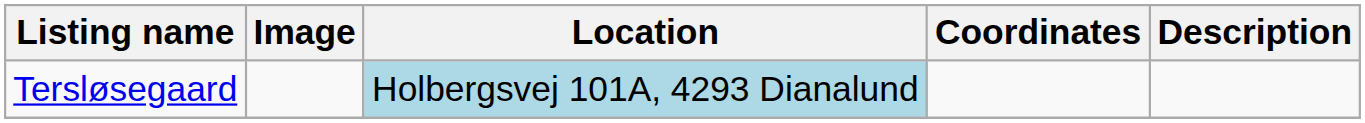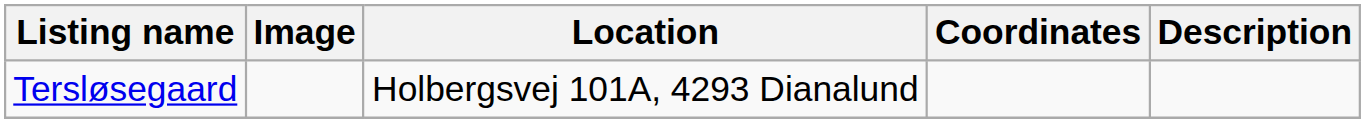 <table class="wikitable sortable">
 <tr>
 <th>Listing name</th>
 <th>Image</th>
 <th>Location</th>
 <th>Coordinates</th>
 <th>Description</th>
 </tr>
 <tr>
 <td><a href='#'>Tersløsegaard</a></td>
 <td></td>
-<td style="background: lightblue;">Holbergsvej 101A, 4293 Dianalund</td>
+<td>Holbergsvej 101A, 4293 Dianalund</td>
 <td></td>
 <td></td>
 </tr>
 <tr>
 </tr>
 </table>
